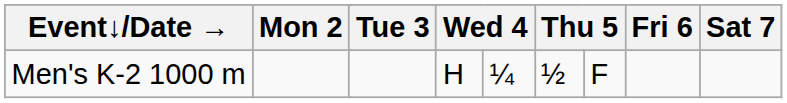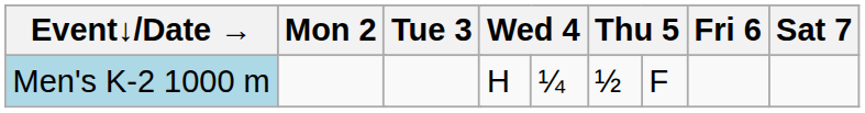 <table class="wikitable olympic-schedule canoeing">
 <tr>
 <th>Event↓/Date →</th>
 <th colspan="2">Mon 2</th>
 <th colspan="2">Tue 3</th>
 <th colspan="2">Wed 4</th>
 <th colspan="2">Thu 5</th>
 <th colspan="2">Fri 6</th>
 <th colspan="2">Sat 7</th>
 </tr>
 <tr>
-<td class="event">Men's K-2 1000 m</td>
+<td class="event" style="background: lightblue;">Men's K-2 1000 m</td>
 <td colspan="2"></td>
 <td colspan="2"></td>
 <td class="heats">H</td>
 <td class="quarterfinals">¼</td>
 <td class="semifinals">½</td>
 <td class="final">F</td>
 <td colspan="2"></td>
 <td colspan="2"></td>
 </tr>
 </table>
